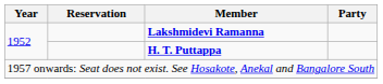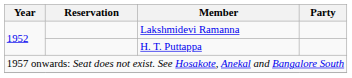 <table class="wikitable sortable">
 <tr>
 <th>Year</th>
 <th>Reservation</th>
 <th>Member</th>
 <th colspan="2">Party</th>
 </tr>
 <tr>
 <td rowspan="2"><a href='#'>1952</a></td>
 <td align="center"></td>
-<td><strong><a href='#'>Lakshmidevi Ramanna</a></strong></td>
+<td><a href='#'>Lakshmidevi Ramanna</a></td>
 <td></td>
 </tr>
 <tr>
 <td align="center"></td>
-<td><strong><a href='#'>H. T. Puttappa</a></strong></td>
+<td><a href='#'>H. T. Puttappa</a></td>
 </tr>
 <tr>
 <td colspan="6" align="center">1957 onwards: <em>Seat does not exist. See <a href='#'>Hosakote</a>, <a href='#'>Anekal</a> and <a href='#'>Bangalore South</a></em></td>
 </tr>
 <tr>
 </tr>
 </table>
